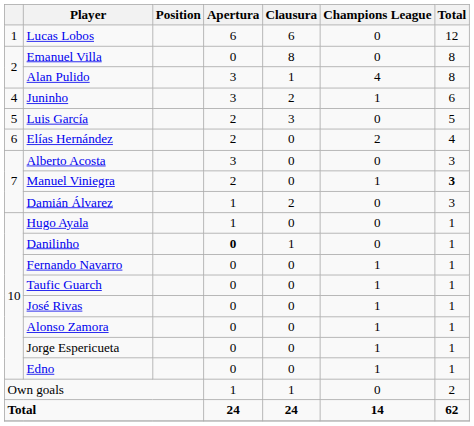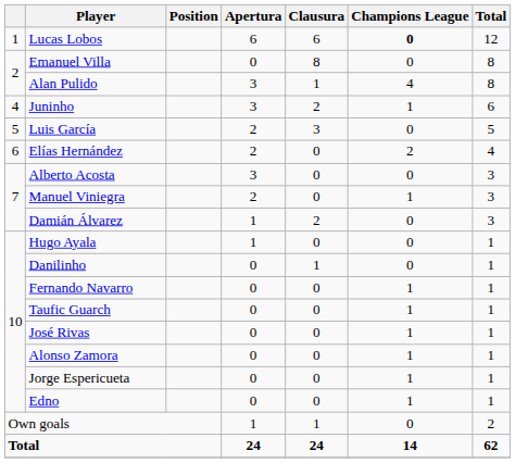 <table class="wikitable" style="text-align:center">
 <tr>
 <th></th>
 <th style="width:150px;">Player</th>
 <th>Position</th>
 <th>Apertura</th>
 <th>Clausura</th>
 <th>Champions League</th>
 <th>Total</th>
 </tr>
 <tr>
 <td>1</td>
 <td align=left> <a href='#'>Lucas Lobos</a></td>
 <td></td>
 <td>6</td>
 <td>6</td>
-<td>0</td>
+<td><strong>0</strong></td>
 <td>12</td>
 </tr>
 <tr>
 <td rowspan=2>2</td>
 <td align=left> <a href='#'>Emanuel Villa</a></td>
 <td></td>
 <td>0</td>
 <td>8</td>
 <td>0</td>
 <td>8</td>
 </tr>
 <tr>
 <td align=left> <a href='#'>Alan Pulido</a></td>
 <td></td>
 <td>3</td>
 <td>1</td>
 <td>4</td>
 <td>8</td>
 </tr>
 <tr>
 <td>4</td>
 <td align=left> <a href='#'>Juninho</a></td>
 <td></td>
 <td>3</td>
 <td>2</td>
 <td>1</td>
 <td>6</td>
 </tr>
 <tr>
 <td>5</td>
 <td align=left> <a href='#'>Luis García</a></td>
 <td></td>
 <td>2</td>
 <td>3</td>
 <td>0</td>
 <td>5</td>
 </tr>
 <tr>
 <td>6</td>
 <td align=left> <a href='#'>Elías Hernández</a></td>
 <td></td>
 <td>2</td>
 <td>0</td>
 <td>2</td>
 <td>4</td>
 </tr>
 <tr>
 <td rowspan=3>7</td>
 <td align=left> <a href='#'>Alberto Acosta</a></td>
 <td></td>
 <td>3</td>
 <td>0</td>
 <td>0</td>
 <td>3</td>
 </tr>
 <tr>
 <td align=left> <a href='#'>Manuel Viniegra</a></td>
 <td></td>
 <td>2</td>
 <td>0</td>
 <td>1</td>
-<td><strong>3</strong></td>
+<td>3</td>
 </tr>
 <tr>
 <td align=left> <a href='#'>Damián Álvarez</a></td>
 <td></td>
 <td>1</td>
 <td>2</td>
 <td>0</td>
 <td>3</td>
 </tr>
 <tr>
 <td rowspan=8>10</td>
 <td align=left> <a href='#'>Hugo Ayala</a></td>
 <td></td>
 <td>1</td>
 <td>0</td>
 <td>0</td>
 <td>1</td>
 </tr>
 <tr>
 <td align=left> <a href='#'>Danilinho</a></td>
 <td></td>
-<td><strong>0</strong></td>
+<td>0</td>
 <td>1</td>
 <td>0</td>
 <td>1</td>
 </tr>
 <tr>
 <td align=left> <a href='#'>Fernando Navarro</a></td>
 <td></td>
 <td>0</td>
 <td>0</td>
 <td>1</td>
 <td>1</td>
 </tr>
 <tr>
 <td align=left> <a href='#'>Taufic Guarch</a></td>
 <td></td>
 <td>0</td>
 <td>0</td>
 <td>1</td>
 <td>1</td>
 </tr>
 <tr>
 <td align=left> <a href='#'>José Rivas</a></td>
 <td></td>
 <td>0</td>
 <td>0</td>
 <td>1</td>
 <td>1</td>
 </tr>
 <tr>
 <td align=left> <a href='#'>Alonso Zamora</a></td>
 <td></td>
 <td>0</td>
 <td>0</td>
 <td>1</td>
 <td>1</td>
 </tr>
 <tr>
 <td align=left> Jorge Espericueta</td>
 <td></td>
 <td>0</td>
 <td>0</td>
 <td>1</td>
 <td>1</td>
 </tr>
 <tr>
 <td align=left> <a href='#'>Edno</a></td>
 <td></td>
 <td>0</td>
 <td>0</td>
 <td>1</td>
 <td>1</td>
 </tr>
 <tr>
 <td align=left colspan=3>Own goals</td>
 <td>1</td>
 <td>1</td>
 <td>0</td>
 <td>2</td>
 </tr>
 <tr>
 <td align=left colspan=3><strong>Total</strong></td>
 <td><strong>24</strong></td>
 <td><strong>24</strong></td>
 <td><strong>14</strong></td>
 <td><strong>62</strong></td>
 </tr>
 <tr>
 </tr>
 </table>
